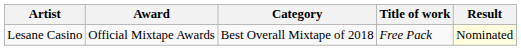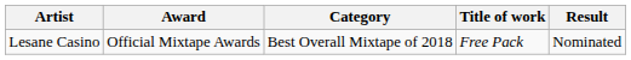 <table class="wikitable sortable">
 <tr>
 <th>Artist</th>
 <th>Award</th>
 <th>Category</th>
 <th>Title of work</th>
 <th>Result</th>
 </tr>
 <tr>
 <td>Lesane Casino</td>
 <td>Official Mixtape Awards</td>
 <td>Best Overall Mixtape of 2018</td>
 <td><em>Free Pack</em></td>
-<td style="background: lightyellow;">Nominated</td>
+<td>Nominated</td>
 </tr>
 </table>
